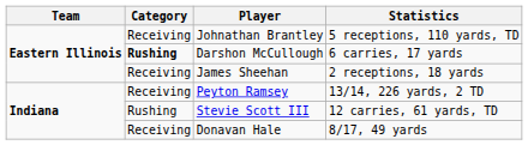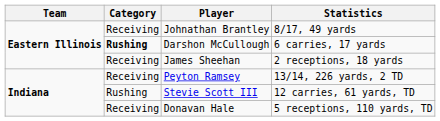 <table class="wikitable" style="float: right;">
 <tr>
 <th>Team</th>
 <th>Category</th>
 <th>Player</th>
 <th>Statistics</th>
 </tr>
 <tr>
 <td rowspan=3><strong>Eastern Illinois</strong></td>
 <td>Receiving</td>
 <td>Johnathan Brantley</td>
-<td>5 receptions, 110 yards, TD</td>
+<td>8/17, 49 yards</td>
 </tr>
 <tr>
 <td><strong>Rushing</strong></td>
 <td>Darshon McCullough</td>
 <td>6 carries, 17 yards</td>
 </tr>
 <tr>
 <td>Receiving</td>
 <td>James Sheehan</td>
 <td>2 receptions, 18 yards</td>
 </tr>
 <tr>
 <td rowspan=3><strong>Indiana</strong></td>
 <td>Receiving</td>
 <td><a href='#'>Peyton Ramsey</a></td>
 <td>13/14, 226 yards, 2 TD</td>
 </tr>
 <tr>
 <td>Rushing</td>
 <td><a href='#'>Stevie Scott III</a></td>
 <td>12 carries, 61 yards, TD</td>
 </tr>
 <tr>
 <td>Receiving</td>
 <td>Donavan Hale</td>
-<td>8/17, 49 yards</td>
+<td>5 receptions, 110 yards, TD</td>
 </tr>
 </table>
